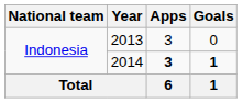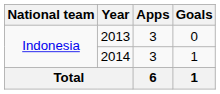 <table class="wikitable" style="text-align:center">
 <tr>
 <th>National team</th>
 <th>Year</th>
 <th>Apps</th>
 <th>Goals</th>
 </tr>
 <tr>
 <td rowspan="2"><a href='#'>Indonesia</a></td>
 <td>2013</td>
 <td>3</td>
 <td>0</td>
 </tr>
 <tr>
 <td>2014</td>
-<td><strong>3</strong></td>
-<td><strong>1</strong></td>
+<td>3</td>
+<td>1</td>
 </tr>
 <tr>
 <th colspan="2">Total</th>
 <th>6</th>
 <th>1</th>
 </tr>
 </table>
